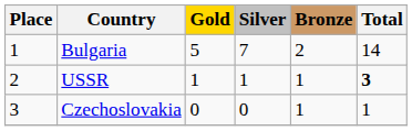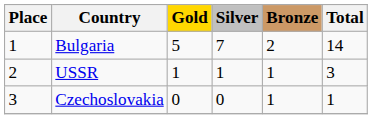 <table class="wikitable">
 <tr>
 <th>Place</th>
 <th>Country</th>
 <th style="background-color:#FFD700;">Gold</th>
 <th style="background-color:#C0C0C0;">Silver</th>
 <th style="background-color:#CC9966;">Bronze</th>
 <th>Total</th>
 </tr>
 <tr>
 <td>1</td>
 <td> <a href='#'>Bulgaria</a></td>
 <td>5</td>
 <td>7</td>
 <td>2</td>
 <td>14</td>
 </tr>
 <tr>
 <td>2</td>
 <td> <a href='#'>USSR</a></td>
 <td>1</td>
 <td>1</td>
 <td>1</td>
-<td><strong>3</strong></td>
+<td>3</td>
 </tr>
 <tr>
 <td>3</td>
 <td> <a href='#'>Czechoslovakia</a></td>
 <td>0</td>
 <td>0</td>
 <td>1</td>
 <td>1</td>
 </tr>
 <tr>
 </tr>
 </table>
